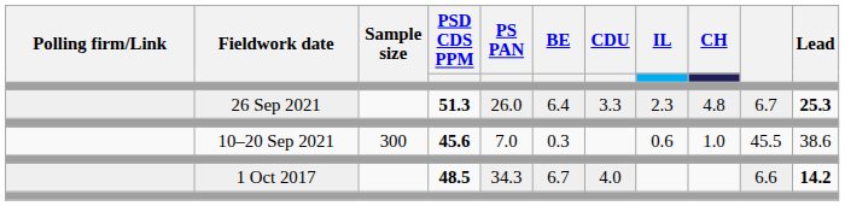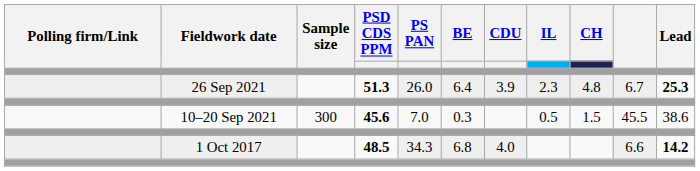 <table class="wikitable sortable mw-datatable" style="text-align:center;font-size:90%;line-height:16px;">
 <tr style="height:42px;">
 <th style="width:145px;" rowspan="2">Polling firm/Link</th>
 <th style="width:125px;" rowspan="2">Fieldwork date</th>
 <th class="unsortable" style="width:50px;" rowspan="2">Sample size</th>
 <th class="unsortable" style="width:35px;"><a href='#'>PSD</a><br><a href='#'>CDS</a><br><a href='#'>PPM</a></th>
 <th class="unsortable" style="width:35px;"><a href='#'>PS</a><br><a href='#'>PAN</a></th>
 <th class="unsortable" style="width:35px;"><a href='#'>BE</a></th>
 <th class="unsortable" style="width:35px;"><a href='#'>CDU</a></th>
 <th class="unsortable" style="width:35px;"><a href='#'>IL</a></th>
 <th class="unsortable" style="width:35px;"><a href='#'>CH</a></th>
 <th class="unsortable" style="width:35px;" rowspan="2"></th>
 <th class="unsortable" style="width:30px;" rowspan="2">Lead</th>
 </tr>
 <tr>
 <th class="unsortable" style="color:inherit;background:"></th>
 <th class="unsortable" style="color:inherit;background:"></th>
 <th class="unsortable" style="color:inherit;background:"></th>
 <th class="unsortable" style="color:inherit;background:"></th>
 <th class="sortable" style="background:#00ADEF;"></th>
 <th class="sortable" style="background:#202056;"></th>
 </tr>
 <tr>
 <td colspan="13" style="background:#A0A0A0"></td>
 </tr>
 <tr>
 <td style="background:#EFEFEF;"><strong></strong></td>
 <td style="background:#EFEFEF;" data-sort-value="2019-10-06">26 Sep 2021</td>
 <td></td>
 <td><strong>51.3</strong><br></td>
 <td style="background:#EFEFEF;">26.0<br></td>
 <td style="background:#EFEFEF;">6.4<br></td>
-<td style="background:#EFEFEF;">3.3<br></td>
+<td style="background:#EFEFEF;">3.9<br></td>
 <td style="background:#EFEFEF;">2.3<br></td>
 <td style="background:#EFEFEF;">4.8<br></td>
 <td style="background:#EFEFEF;">6.7<br></td>
 <td style="background:"><strong>25.3</strong></td>
 </tr>
 <tr>
 <td colspan="13" style="background:#A0A0A0"></td>
 </tr>
 <tr>
 <td align="center"></td>
 <td align="center">10–20 Sep 2021</td>
 <td align="center">300</td>
 <td align="center" ><strong>45.6</strong></td>
 <td align="center">7.0</td>
 <td align="center">0.3</td>
 <td></td>
-<td align="center">0.6</td>
-<td align="center">1.0</td>
+<td align="center">0.5</td>
+<td align="center">1.5</td>
 <td align="center">45.5</td>
 <td style="background:">38.6</td>
 </tr>
 <tr>
 <td colspan="13" style="background:#A0A0A0"></td>
 </tr>
 <tr>
 <td style="background:#EFEFEF;"><strong></strong></td>
 <td style="background:#EFEFEF;" data-sort-value="2019-10-06">1 Oct 2017</td>
 <td></td>
 <td><strong>48.5</strong><br></td>
 <td style="background:#EFEFEF;">34.3<br></td>
-<td style="background:#EFEFEF;">6.7<br></td>
+<td style="background:#EFEFEF;">6.8<br></td>
 <td style="background:#EFEFEF;">4.0<br></td>
 <td></td>
 <td></td>
 <td style="background:#EFEFEF;">6.6</td>
 <td style="background:"><strong>14.2</strong></td>
 </tr>
 <tr>
 <td colspan="13" style="background:#A0A0A0"></td>
 </tr>
 </table>
